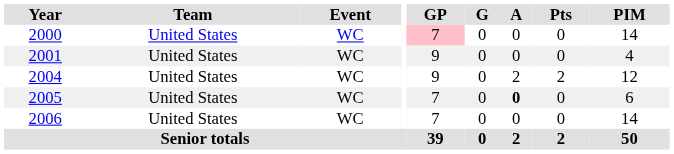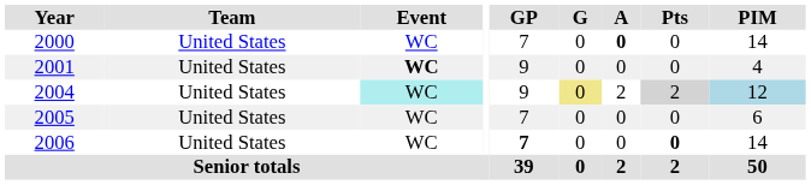 <table border="0" cellpadding="1" cellspacing="0" ID="Table3" style="text-align:center; width:40em">
 <tr bgcolor="#e0e0e0">
 <th>Year</th>
 <th>Team</th>
 <th>Event</th>
 <th rowspan="102" bgcolor="#ffffff"></th>
 <th>GP</th>
 <th>G</th>
 <th>A</th>
 <th>Pts</th>
 <th>PIM</th>
 </tr>
 <tr>
 <td><a href='#'>2000</a></td>
 <td><a href='#'>United States</a></td>
 <td><a href='#'>WC</a></td>
-<td style="background: pink;">7</td>
+<td>7</td>
 <td>0</td>
-<td>0</td>
+<td><strong>0</strong></td>
 <td>0</td>
 <td>14</td>
 </tr>
 <tr bgcolor="#f0f0f0">
 <td><a href='#'>2001</a></td>
 <td>United States</td>
-<td>WC</td>
+<td><strong>WC</strong></td>
 <td>9</td>
 <td>0</td>
 <td>0</td>
 <td>0</td>
 <td>4</td>
 </tr>
 <tr>
 <td><a href='#'>2004</a></td>
 <td>United States</td>
-<td>WC</td>
+<td style="background: paleturquoise;">WC</td>
 <td>9</td>
-<td>0</td>
+<td style="background: khaki;">0</td>
 <td>2</td>
-<td>2</td>
-<td>12</td>
+<td style="background: lightgrey;">2</td>
+<td style="background: lightblue;">12</td>
 </tr>
 <tr bgcolor="#f0f0f0">
 <td><a href='#'>2005</a></td>
 <td>United States</td>
 <td>WC</td>
 <td>7</td>
 <td>0</td>
-<td><strong>0</strong></td>
+<td>0</td>
 <td>0</td>
 <td>6</td>
 </tr>
 <tr>
 <td><a href='#'>2006</a></td>
 <td>United States</td>
 <td>WC</td>
-<td>7</td>
+<td><strong>7</strong></td>
 <td>0</td>
 <td>0</td>
-<td>0</td>
+<td><strong>0</strong></td>
 <td>14</td>
 </tr>
 <tr bgcolor="#e0e0e0">
 <th colspan=4>Senior totals</th>
 <th>39</th>
 <th>0</th>
 <th>2</th>
 <th>2</th>
 <th>50</th>
 </tr>
 </table>
